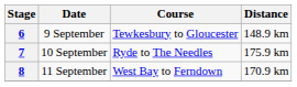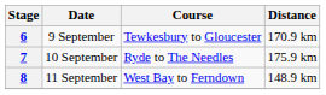 <table class="wikitable">
 <tr>
 <th scope="col">Stage</th>
 <th scope="col">Date</th>
 <th scope="col">Course</th>
 <th scope="col">Distance</th>
 </tr>
 <tr>
 <th scope="row"><a href='#'>6</a></th>
 <td style="text-align:center;">9 September</td>
 <td><a href='#'>Tewkesbury</a> to <a href='#'>Gloucester</a></td>
-<td>148.9 km</td>
+<td>170.9 km</td>
 </tr>
 <tr>
 <th scope="row"><a href='#'>7</a></th>
 <td style="text-align:center;">10 September</td>
 <td><a href='#'>Ryde</a> to <a href='#'>The Needles</a></td>
 <td>175.9 km</td>
 </tr>
 <tr>
 <th scope="row"><a href='#'>8</a></th>
 <td style="text-align:center;">11 September</td>
 <td><a href='#'>West Bay</a> to <a href='#'>Ferndown</a></td>
-<td>170.9 km</td>
+<td>148.9 km</td>
 </tr>
 <tr>
 </tr>
 </table>
